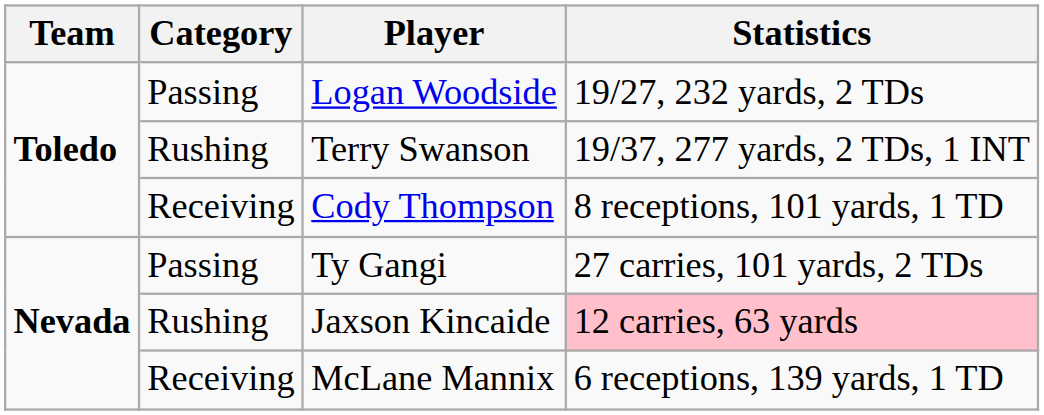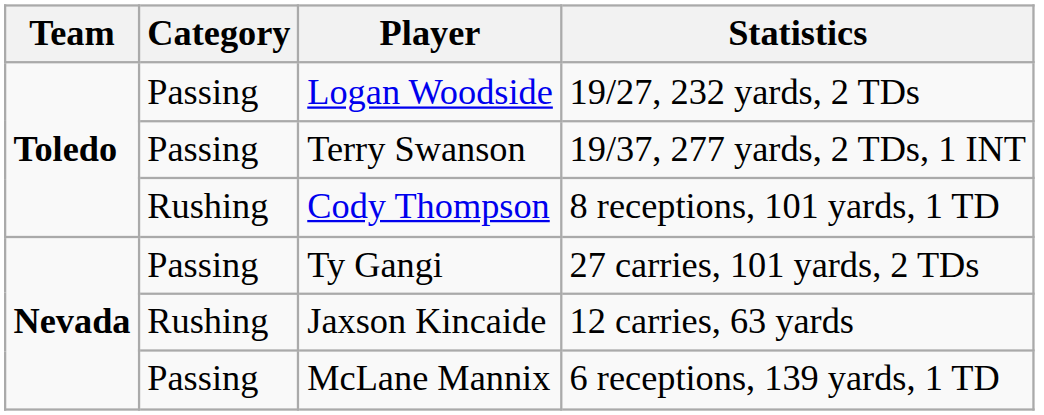 <table class="wikitable" style="float: left;">
 <tr>
 <th>Team</th>
 <th>Category</th>
 <th>Player</th>
 <th>Statistics</th>
 </tr>
 <tr>
 <td rowspan=3><strong>Toledo</strong></td>
 <td>Passing</td>
 <td><a href='#'>Logan Woodside</a></td>
 <td>19/27, 232 yards, 2 TDs</td>
 </tr>
 <tr>
-<td>Rushing</td>
+<td>Passing</td>
 <td>Terry Swanson</td>
 <td>19/37, 277 yards, 2 TDs, 1 INT</td>
 </tr>
 <tr>
-<td>Receiving</td>
+<td>Rushing</td>
 <td><a href='#'>Cody Thompson</a></td>
 <td>8 receptions, 101 yards, 1 TD</td>
 </tr>
 <tr>
 <td rowspan=3><strong>Nevada</strong></td>
 <td>Passing</td>
 <td>Ty Gangi</td>
 <td>27 carries, 101 yards, 2 TDs</td>
 </tr>
 <tr>
 <td>Rushing</td>
 <td>Jaxson Kincaide</td>
-<td style="background: pink;">12 carries, 63 yards</td>
+<td>12 carries, 63 yards</td>
 </tr>
 <tr>
-<td>Receiving</td>
+<td>Passing</td>
 <td>McLane Mannix</td>
 <td>6 receptions, 139 yards, 1 TD</td>
 </tr>
 </table>
